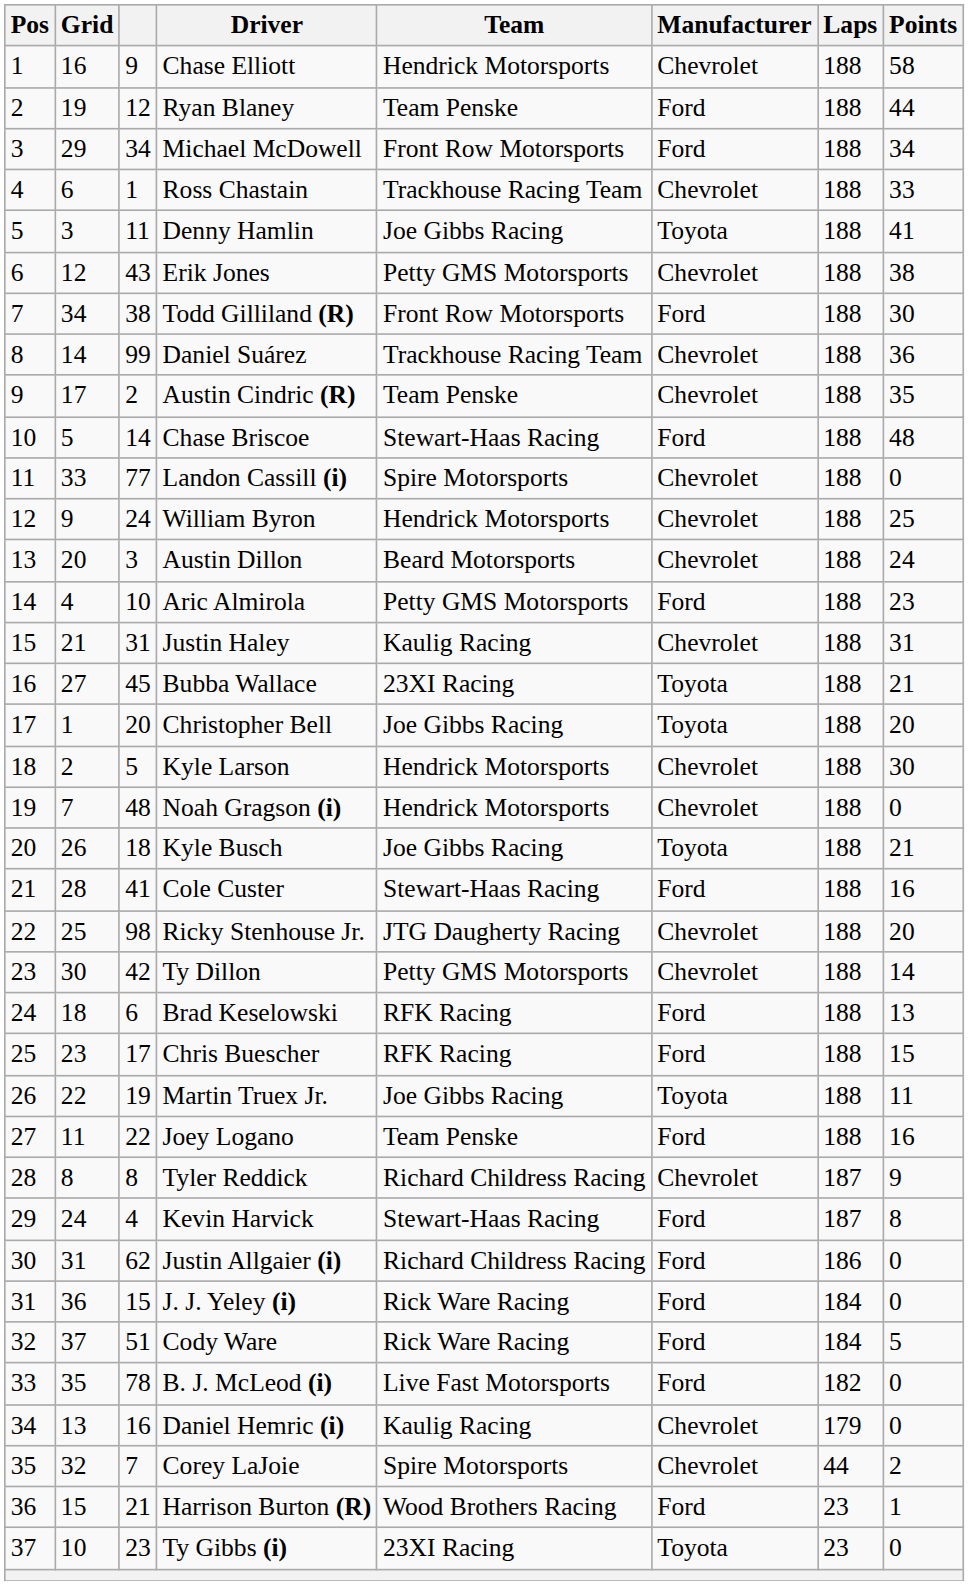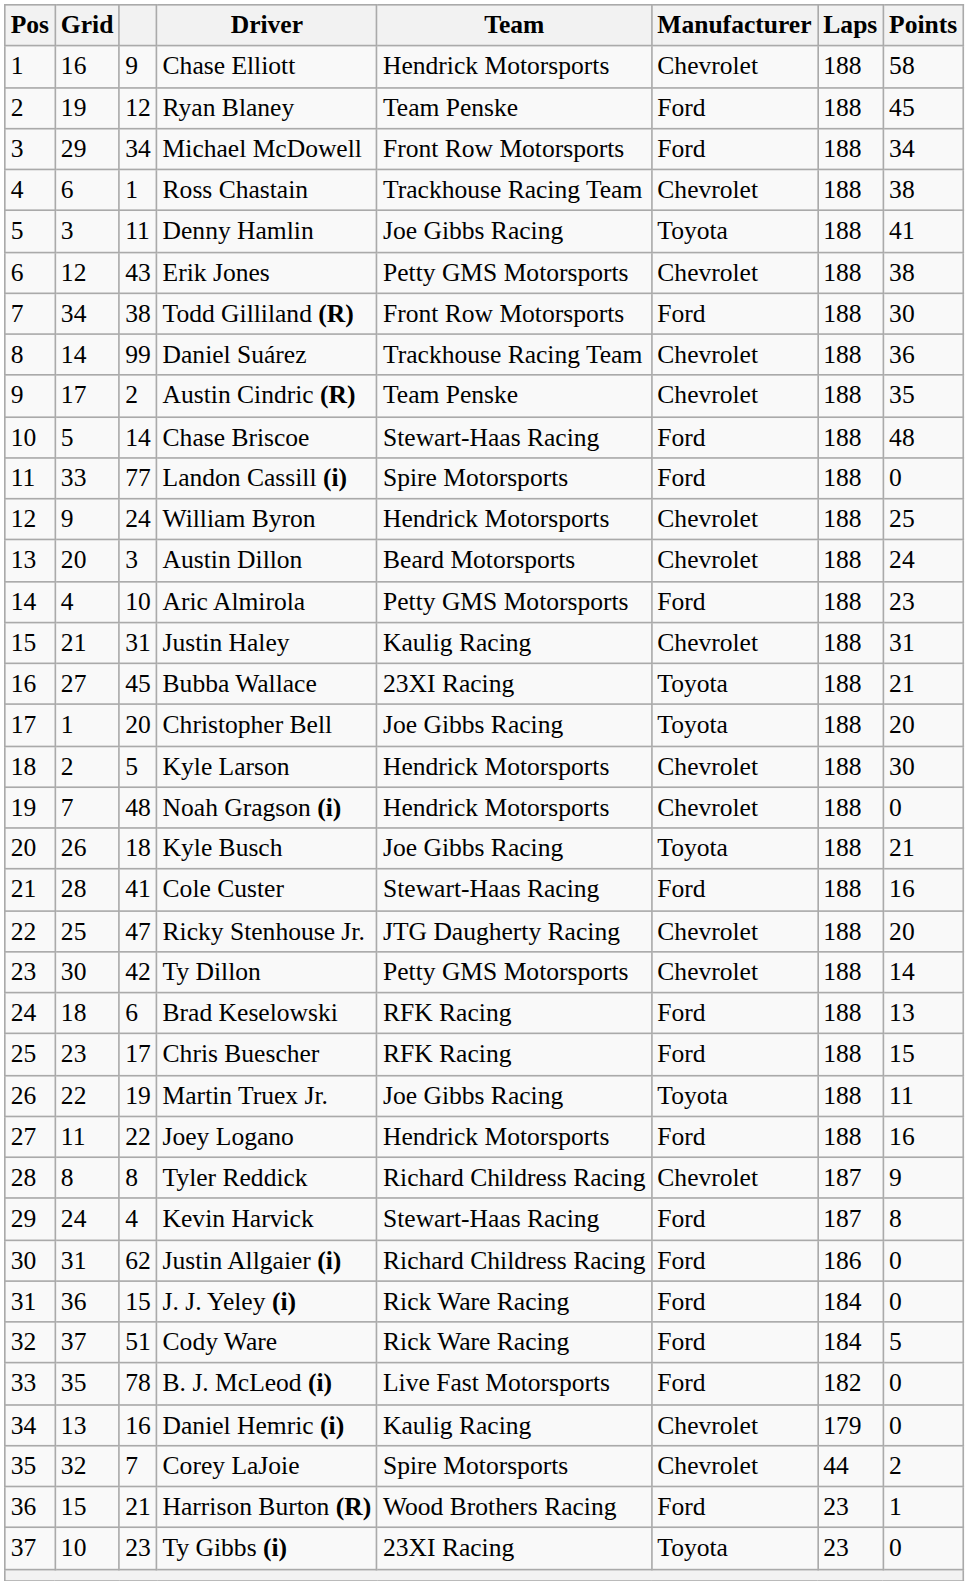 <table class="wikitable" style="font-size:98%">
 <tr>
 <th>Pos</th>
 <th>Grid</th>
 <th></th>
 <th>Driver</th>
 <th>Team</th>
 <th>Manufacturer</th>
 <th>Laps</th>
 <th>Points</th>
 </tr>
 <tr>
 <td>1</td>
 <td>16</td>
 <td>9</td>
 <td>Chase Elliott</td>
 <td>Hendrick Motorsports</td>
 <td>Chevrolet</td>
 <td>188</td>
 <td>58</td>
 </tr>
 <tr>
 <td>2</td>
 <td>19</td>
 <td>12</td>
 <td>Ryan Blaney</td>
 <td>Team Penske</td>
 <td>Ford</td>
 <td>188</td>
-<td>44</td>
+<td>45</td>
 </tr>
 <tr>
 <td>3</td>
 <td>29</td>
 <td>34</td>
 <td>Michael McDowell</td>
 <td>Front Row Motorsports</td>
 <td>Ford</td>
 <td>188</td>
 <td>34</td>
 </tr>
 <tr>
 <td>4</td>
 <td>6</td>
 <td>1</td>
 <td>Ross Chastain</td>
 <td>Trackhouse Racing Team</td>
 <td>Chevrolet</td>
 <td>188</td>
-<td>33</td>
+<td>38</td>
 </tr>
 <tr>
 <td>5</td>
 <td>3</td>
 <td>11</td>
 <td>Denny Hamlin</td>
 <td>Joe Gibbs Racing</td>
 <td>Toyota</td>
 <td>188</td>
 <td>41</td>
 </tr>
 <tr>
 <td>6</td>
 <td>12</td>
 <td>43</td>
 <td>Erik Jones</td>
 <td>Petty GMS Motorsports</td>
 <td>Chevrolet</td>
 <td>188</td>
 <td>38</td>
 </tr>
 <tr>
 <td>7</td>
 <td>34</td>
 <td>38</td>
 <td>Todd Gilliland <strong>(R)</strong></td>
 <td>Front Row Motorsports</td>
 <td>Ford</td>
 <td>188</td>
 <td>30</td>
 </tr>
 <tr>
 <td>8</td>
 <td>14</td>
 <td>99</td>
 <td>Daniel Suárez</td>
 <td>Trackhouse Racing Team</td>
 <td>Chevrolet</td>
 <td>188</td>
 <td>36</td>
 </tr>
 <tr>
 <td>9</td>
 <td>17</td>
 <td>2</td>
 <td>Austin Cindric <strong>(R)</strong></td>
 <td>Team Penske</td>
 <td>Chevrolet</td>
 <td>188</td>
 <td>35</td>
 </tr>
 <tr>
 <td>10</td>
 <td>5</td>
 <td>14</td>
 <td>Chase Briscoe</td>
 <td>Stewart-Haas Racing</td>
 <td>Ford</td>
 <td>188</td>
 <td>48</td>
 </tr>
 <tr>
 <td>11</td>
 <td>33</td>
 <td>77</td>
 <td>Landon Cassill <strong>(i)</strong></td>
 <td>Spire Motorsports</td>
-<td>Chevrolet</td>
+<td>Ford</td>
 <td>188</td>
 <td>0</td>
 </tr>
 <tr>
 <td>12</td>
 <td>9</td>
 <td>24</td>
 <td>William Byron</td>
 <td>Hendrick Motorsports</td>
 <td>Chevrolet</td>
 <td>188</td>
 <td>25</td>
 </tr>
 <tr>
 <td>13</td>
 <td>20</td>
 <td>3</td>
 <td>Austin Dillon</td>
 <td>Beard Motorsports</td>
 <td>Chevrolet</td>
 <td>188</td>
 <td>24</td>
 </tr>
 <tr>
 <td>14</td>
 <td>4</td>
 <td>10</td>
 <td>Aric Almirola</td>
 <td>Petty GMS Motorsports</td>
 <td>Ford</td>
 <td>188</td>
 <td>23</td>
 </tr>
 <tr>
 <td>15</td>
 <td>21</td>
 <td>31</td>
 <td>Justin Haley</td>
 <td>Kaulig Racing</td>
 <td>Chevrolet</td>
 <td>188</td>
 <td>31</td>
 </tr>
 <tr>
 <td>16</td>
 <td>27</td>
 <td>45</td>
 <td>Bubba Wallace</td>
 <td>23XI Racing</td>
 <td>Toyota</td>
 <td>188</td>
 <td>21</td>
 </tr>
 <tr>
 <td>17</td>
 <td>1</td>
 <td>20</td>
 <td>Christopher Bell</td>
 <td>Joe Gibbs Racing</td>
 <td>Toyota</td>
 <td>188</td>
 <td>20</td>
 </tr>
 <tr>
 <td>18</td>
 <td>2</td>
 <td>5</td>
 <td>Kyle Larson</td>
 <td>Hendrick Motorsports</td>
 <td>Chevrolet</td>
 <td>188</td>
 <td>30</td>
 </tr>
 <tr>
 <td>19</td>
 <td>7</td>
 <td>48</td>
 <td>Noah Gragson <strong>(i)</strong></td>
 <td>Hendrick Motorsports</td>
 <td>Chevrolet</td>
 <td>188</td>
 <td>0</td>
 </tr>
 <tr>
 <td>20</td>
 <td>26</td>
 <td>18</td>
 <td>Kyle Busch</td>
 <td>Joe Gibbs Racing</td>
 <td>Toyota</td>
 <td>188</td>
 <td>21</td>
 </tr>
 <tr>
 <td>21</td>
 <td>28</td>
 <td>41</td>
 <td>Cole Custer</td>
 <td>Stewart-Haas Racing</td>
 <td>Ford</td>
 <td>188</td>
 <td>16</td>
 </tr>
 <tr>
 <td>22</td>
 <td>25</td>
-<td>98</td>
+<td>47</td>
 <td>Ricky Stenhouse Jr.</td>
 <td>JTG Daugherty Racing</td>
 <td>Chevrolet</td>
 <td>188</td>
 <td>20</td>
 </tr>
 <tr>
 <td>23</td>
 <td>30</td>
 <td>42</td>
 <td>Ty Dillon</td>
 <td>Petty GMS Motorsports</td>
 <td>Chevrolet</td>
 <td>188</td>
 <td>14</td>
 </tr>
 <tr>
 <td>24</td>
 <td>18</td>
 <td>6</td>
 <td>Brad Keselowski</td>
 <td>RFK Racing</td>
 <td>Ford</td>
 <td>188</td>
 <td>13</td>
 </tr>
 <tr>
 <td>25</td>
 <td>23</td>
 <td>17</td>
 <td>Chris Buescher</td>
 <td>RFK Racing</td>
 <td>Ford</td>
 <td>188</td>
 <td>15</td>
 </tr>
 <tr>
 <td>26</td>
 <td>22</td>
 <td>19</td>
 <td>Martin Truex Jr.</td>
 <td>Joe Gibbs Racing</td>
 <td>Toyota</td>
 <td>188</td>
 <td>11</td>
 </tr>
 <tr>
 <td>27</td>
 <td>11</td>
 <td>22</td>
 <td>Joey Logano</td>
-<td>Team Penske</td>
+<td>Hendrick Motorsports</td>
 <td>Ford</td>
 <td>188</td>
 <td>16</td>
 </tr>
 <tr>
 <td>28</td>
 <td>8</td>
 <td>8</td>
 <td>Tyler Reddick</td>
 <td>Richard Childress Racing</td>
 <td>Chevrolet</td>
 <td>187</td>
 <td>9</td>
 </tr>
 <tr>
 <td>29</td>
 <td>24</td>
 <td>4</td>
 <td>Kevin Harvick</td>
 <td>Stewart-Haas Racing</td>
 <td>Ford</td>
 <td>187</td>
 <td>8</td>
 </tr>
 <tr>
 <td>30</td>
 <td>31</td>
 <td>62</td>
 <td>Justin Allgaier <strong>(i)</strong></td>
 <td>Richard Childress Racing</td>
 <td>Ford</td>
 <td>186</td>
 <td>0</td>
 </tr>
 <tr>
 <td>31</td>
 <td>36</td>
 <td>15</td>
 <td>J. J. Yeley <strong>(i)</strong></td>
 <td>Rick Ware Racing</td>
 <td>Ford</td>
 <td>184</td>
 <td>0</td>
 </tr>
 <tr>
 <td>32</td>
 <td>37</td>
 <td>51</td>
 <td>Cody Ware</td>
 <td>Rick Ware Racing</td>
 <td>Ford</td>
 <td>184</td>
 <td>5</td>
 </tr>
 <tr>
 <td>33</td>
 <td>35</td>
 <td>78</td>
 <td>B. J. McLeod <strong>(i)</strong></td>
 <td>Live Fast Motorsports</td>
 <td>Ford</td>
 <td>182</td>
 <td>0</td>
 </tr>
 <tr>
 <td>34</td>
 <td>13</td>
 <td>16</td>
 <td>Daniel Hemric <strong>(i)</strong></td>
 <td>Kaulig Racing</td>
 <td>Chevrolet</td>
 <td>179</td>
 <td>0</td>
 </tr>
 <tr>
 <td>35</td>
 <td>32</td>
 <td>7</td>
 <td>Corey LaJoie</td>
 <td>Spire Motorsports</td>
 <td>Chevrolet</td>
 <td>44</td>
 <td>2</td>
 </tr>
 <tr>
 <td>36</td>
 <td>15</td>
 <td>21</td>
 <td>Harrison Burton <strong>(R)</strong></td>
 <td>Wood Brothers Racing</td>
 <td>Ford</td>
 <td>23</td>
 <td>1</td>
 </tr>
 <tr>
 <td>37</td>
 <td>10</td>
 <td>23</td>
 <td>Ty Gibbs <strong>(i)</strong></td>
 <td>23XI Racing</td>
 <td>Toyota</td>
 <td>23</td>
 <td>0</td>
 </tr>
 <tr>
 <th colspan="8"></th>
 </tr>
 </table>
